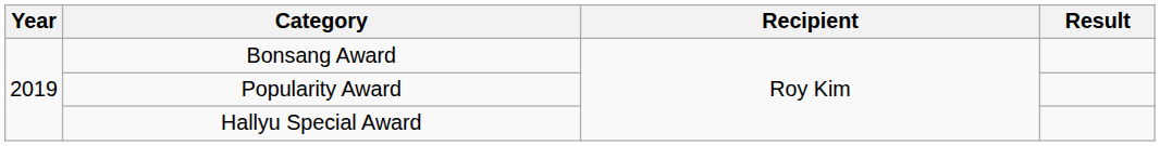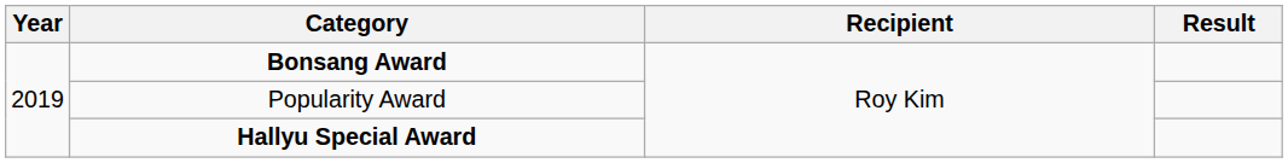 <table class="wikitable" style="text-align:center">
 <tr>
 <th width="5%">Year</th>
 <th width="45%">Category</th>
 <th width="40%">Recipient</th>
 <th width="10%">Result</th>
 </tr>
 <tr>
 <td rowspan="4">2019</td>
-<td>Bonsang Award</td>
+<td><strong>Bonsang Award</strong></td>
 <td rowspan="3">Roy Kim</td>
 <td></td>
 </tr>
 <tr>
 <td>Popularity Award</td>
 <td></td>
 </tr>
 <tr>
-<td>Hallyu Special Award</td>
+<td><strong>Hallyu Special Award</strong></td>
 <td></td>
 </tr>
 </table>
